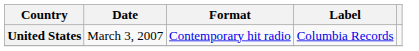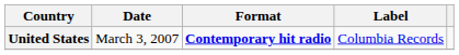 <table class="wikitable plainrowheaders">
 <tr>
 <th scope="col">Country</th>
 <th scope="col">Date</th>
 <th scope="col">Format</th>
 <th scope="col">Label</th>
 <th scope="col"></th>
 </tr>
 <tr>
 <th scope="row">United States</th>
 <td>March 3, 2007</td>
-<td><a href='#'>Contemporary hit radio</a></td>
+<td><strong><a href='#'>Contemporary hit radio</a></strong></td>
 <td><a href='#'>Columbia Records</a></td>
 <td align="center"></td>
 </tr>
 <tr>
 </tr>
 </table>
